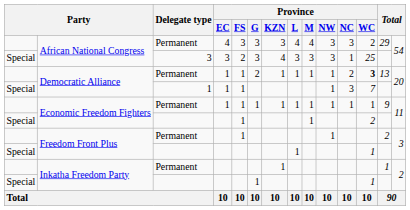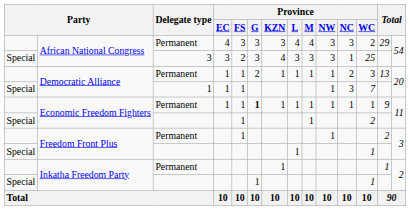 <table class=wikitable  style=text-align:right>
 <tr>
 <th colspan=2 rowspan=2>Party</th>
 <th rowspan=2>Delegate type</th>
 <th colspan="9" style="text-align:center">Province</th>
 <th colspan=2 rowspan=2><em>Total</em></th>
 </tr>
 <tr>
 <th><a href='#'>EC</a></th>
 <th><a href='#'>FS</a></th>
 <th><a href='#'>G</a></th>
 <th><a href='#'>KZN</a></th>
 <th><a href='#'>L</a></th>
 <th><a href='#'>M</a></th>
 <th><a href='#'>NW</a></th>
 <th><a href='#'>NC</a></th>
 <th><a href='#'>WC</a></th>
 </tr>
 <tr>
 <td bgcolor=></td>
 <td align=left rowspan=2><a href='#'>African National Congress</a></td>
 <td align=left>Permanent</td>
 <td>4</td>
 <td>3</td>
 <td>3</td>
 <td>3</td>
 <td>4</td>
 <td>4</td>
 <td>3</td>
 <td>3</td>
 <td>2</td>
 <td><em>29</em></td>
 <td rowspan=2><em>54</em></td>
 </tr>
 <tr>
 <td align=left>Special</td>
 <td>3</td>
 <td>3</td>
 <td>2</td>
 <td>3</td>
 <td>4</td>
 <td>3</td>
 <td>3</td>
 <td>3</td>
 <td>1</td>
 <td><em>25</em></td>
 </tr>
 <tr>
 <td bgcolor=></td>
 <td align=left rowspan=2><a href='#'>Democratic Alliance</a></td>
 <td align=left>Permanent</td>
 <td>1</td>
 <td>1</td>
 <td>2</td>
 <td>1</td>
 <td>1</td>
 <td>1</td>
 <td>1</td>
 <td>2</td>
-<td><strong>3</strong></td>
+<td>3</td>
 <td><em>13</em></td>
 <td rowspan=2><em>20</em></td>
 </tr>
 <tr>
 <td align=left>Special</td>
 <td>1</td>
 <td>1</td>
 <td>1</td>
 <td></td>
 <td></td>
 <td></td>
 <td></td>
 <td>1</td>
 <td>3</td>
 <td><em>7</em></td>
 </tr>
 <tr>
 <td bgcolor=></td>
 <td align=left rowspan=2><a href='#'>Economic Freedom Fighters</a></td>
 <td align=left>Permanent</td>
 <td>1</td>
 <td>1</td>
-<td>1</td>
+<td><strong>1</strong></td>
 <td>1</td>
 <td>1</td>
 <td>1</td>
 <td>1</td>
 <td>1</td>
 <td>1</td>
 <td><em>9</em></td>
 <td rowspan=2><em>11</em></td>
 </tr>
 <tr>
 <td align=left>Special</td>
 <td></td>
 <td></td>
 <td>1</td>
 <td></td>
 <td></td>
 <td></td>
 <td>1</td>
 <td></td>
 <td></td>
 <td><em>2</em></td>
 </tr>
 <tr>
 <td bgcolor=></td>
 <td align=left rowspan=2><a href='#'>Freedom Front Plus</a></td>
 <td align=left>Permanent</td>
 <td></td>
 <td>1</td>
 <td></td>
 <td></td>
 <td></td>
 <td></td>
 <td>1</td>
 <td></td>
 <td></td>
 <td><em>2</em></td>
 <td rowspan=2><em>3</em></td>
 </tr>
 <tr>
 <td align=left>Special</td>
 <td></td>
 <td></td>
 <td></td>
 <td></td>
 <td></td>
 <td>1</td>
 <td></td>
 <td></td>
 <td></td>
 <td><em>1</em></td>
 </tr>
 <tr>
 <td bgcolor=></td>
 <td align=left rowspan=2><a href='#'>Inkatha Freedom Party</a></td>
 <td align=left>Permanent</td>
 <td></td>
 <td></td>
 <td></td>
 <td>1</td>
 <td></td>
 <td></td>
 <td></td>
 <td></td>
 <td></td>
 <td><em>1</em></td>
 <td rowspan=2><em>2</em></td>
 </tr>
 <tr>
 <td align=left>Special</td>
 <td></td>
 <td></td>
 <td></td>
 <td>1</td>
 <td></td>
 <td></td>
 <td></td>
 <td></td>
 <td></td>
 <td><em>1</em></td>
 </tr>
 <tr>
 <th colspan="3" style="text-align:left">Total</th>
 <th>10</th>
 <th>10</th>
 <th>10</th>
 <th>10</th>
 <th>10</th>
 <th>10</th>
 <th>10</th>
 <th>10</th>
 <th>10</th>
 <th colspan=2><em>90</em></th>
 </tr>
 </table>
